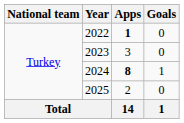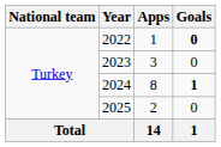 <table class="wikitable" style="text-align:center">
 <tr>
 <th>National team</th>
 <th>Year</th>
 <th>Apps</th>
 <th>Goals</th>
 </tr>
 <tr>
 <td rowspan="4"><a href='#'>Turkey</a></td>
 <td>2022</td>
-<td><strong>1</strong></td>
-<td>0</td>
+<td>1</td>
+<td><strong>0</strong></td>
 </tr>
 <tr>
 <td>2023</td>
 <td>3</td>
 <td>0</td>
 </tr>
 <tr>
 <td>2024</td>
-<td><strong>8</strong></td>
-<td>1</td>
+<td>8</td>
+<td><strong>1</strong></td>
 </tr>
 <tr>
 <td>2025</td>
 <td>2</td>
 <td>0</td>
 </tr>
 <tr>
 <th colspan="2">Total</th>
 <th>14</th>
 <th>1</th>
 </tr>
 </table>
